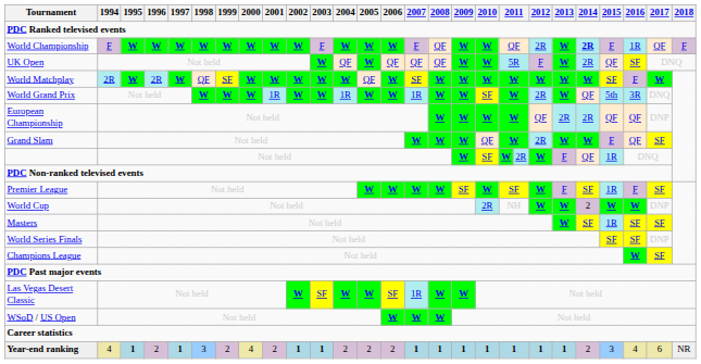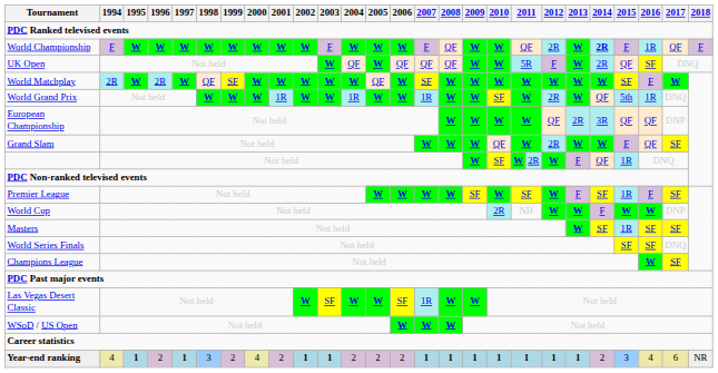 <table class=wikitable style=text-align:center;font-size:75%>
 <tr>
 <th>Tournament</th>
 <th>1994</th>
 <th>1995</th>
 <th>1996</th>
 <th>1997</th>
 <th>1998</th>
 <th>1999</th>
 <th>2000</th>
 <th>2001</th>
 <th>2002</th>
 <th>2003</th>
 <th>2004</th>
 <th>2005</th>
 <th>2006</th>
 <th><a href='#'>2007</a></th>
 <th><a href='#'>2008</a></th>
 <th><a href='#'>2009</a></th>
 <th><a href='#'>2010</a></th>
 <th colspan="2"><a href='#'>2011</a></th>
 <th><a href='#'>2012</a></th>
 <th><a href='#'>2013</a></th>
 <th><a href='#'>2014</a></th>
 <th><a href='#'>2015</a></th>
 <th><a href='#'>2016</a></th>
 <th><a href='#'>2017</a></th>
 <th><a href='#'>2018</a></th>
 </tr>
 <tr>
 <td colspan="33" align="left"><strong><a href='#'>PDC</a> Ranked televised events</strong></td>
 </tr>
 <tr>
 <td align=left><a href='#'>World Championship</a></td>
 <td style="text-align:center; background:thistle;"><a href='#'>F</a></td>
 <td style="text-align:center; background:lime;"><strong><a href='#'>W</a></strong></td>
 <td style="text-align:center; background:lime;"><strong><a href='#'>W</a></strong></td>
 <td style="text-align:center; background:lime;"><strong><a href='#'>W</a></strong></td>
 <td style="text-align:center; background:lime;"><strong><a href='#'>W</a></strong></td>
 <td style="text-align:center; background:lime;"><strong><a href='#'>W</a></strong></td>
 <td style="text-align:center; background:lime;"><strong><a href='#'>W</a></strong></td>
 <td style="text-align:center; background:lime;"><strong><a href='#'>W</a></strong></td>
 <td style="text-align:center; background:lime;"><strong><a href='#'>W</a></strong></td>
 <td style="text-align:center; background:thistle;"><a href='#'>F</a></td>
 <td style="text-align:center; background:lime;"><strong><a href='#'>W</a></strong></td>
 <td style="text-align:center; background:lime;"><strong><a href='#'>W</a></strong></td>
 <td style="text-align:center; background:lime;"><strong><a href='#'>W</a></strong></td>
 <td style="text-align:center; background:thistle;"><a href='#'>F</a></td>
 <td style="text-align:center; background:#ffebcd;"><a href='#'>QF</a></td>
 <td style="text-align:center; background:lime;"><strong><a href='#'>W</a></strong></td>
 <td style="text-align:center; background:lime;"><strong><a href='#'>W</a></strong></td>
 <td style="text-align:center; background:#ffebcd;" colspan="2"><a href='#'>QF</a></td>
 <td style="text-align:center; background:#afeeee;"><a href='#'>2R</a></td>
 <td style="text-align:center; background:lime;"><strong><a href='#'>W</a></strong></td>
 <td style="text-align:center; background:#afeeee;"><strong><a href='#'>2R</a></strong></td>
 <td style="text-align:center; background:thistle;"><a href='#'>F</a></td>
 <td style="text-align:center; background:#afeeee;"><a href='#'>1R</a></td>
 <td style="text-align:center; background:#ffebcd;"><a href='#'>QF</a></td>
 <td style="text-align:center; background:thistle;"><a href='#'>F</a></td>
 </tr>
 <tr>
 <td align=left><a href='#'>UK Open</a></td>
 <td colspan="9" style="text-align:center; color:#ccc;">Not held</td>
 <td style="text-align:center; background:lime;"><strong><a href='#'>W</a></strong></td>
 <td style="text-align:center; background:#ffebcd;"><a href='#'>QF</a></td>
 <td style="text-align:center; background:lime;"><strong><a href='#'>W</a></strong></td>
 <td style="text-align:center; background:#ffebcd;"><a href='#'>QF</a></td>
 <td style="text-align:center; background:#ffebcd;"><a href='#'>QF</a></td>
 <td style="text-align:center; background:#ffebcd;"><a href='#'>QF</a></td>
 <td style="text-align:center; background:lime;"><strong><a href='#'>W</a></strong></td>
 <td style="text-align:center; background:lime;"><strong><a href='#'>W</a></strong></td>
 <td style="text-align:center; background:#afeeee;" colspan="2"><a href='#'>5R</a></td>
 <td style="text-align:center; background:thistle;"><a href='#'>F</a></td>
 <td style="text-align:center; background:lime;"><strong><a href='#'>W</a></strong></td>
 <td style="text-align:center; background:#afeeee;"><a href='#'>2R</a></td>
 <td style="text-align:center; background:#ffebcd;"><a href='#'>QF</a></td>
 <td style="text-align:center; background:yellow;"><a href='#'>SF</a></td>
 <td colspan="2" style="text-align:center; color:#ccc;">DNQ</td>
 </tr>
 <tr>
 <td align=left><a href='#'>World Matchplay</a></td>
 <td style="text-align:center; background:#afeeee;"><a href='#'>2R</a></td>
 <td style="text-align:center; background:lime;"><strong><a href='#'>W</a></strong></td>
 <td style="text-align:center; background:#afeeee;"><a href='#'>2R</a></td>
 <td style="text-align:center; background:lime;"><strong><a href='#'>W</a></strong></td>
 <td style="text-align:center; background:#ffebcd;"><a href='#'>QF</a></td>
 <td style="text-align:center; background:yellow;"><a href='#'>SF</a></td>
 <td style="text-align:center; background:lime;"><strong><a href='#'>W</a></strong></td>
 <td style="text-align:center; background:lime;"><strong><a href='#'>W</a></strong></td>
 <td style="text-align:center; background:lime;"><strong><a href='#'>W</a></strong></td>
 <td style="text-align:center; background:lime;"><strong><a href='#'>W</a></strong></td>
 <td style="text-align:center; background:lime;"><strong><a href='#'>W</a></strong></td>
 <td style="text-align:center; background:#ffebcd;"><a href='#'>QF</a></td>
 <td style="text-align:center; background:lime;"><strong><a href='#'>W</a></strong></td>
 <td style="text-align:center; background:yellow;"><a href='#'>SF</a></td>
 <td style="text-align:center; background:lime;"><strong><a href='#'>W</a></strong></td>
 <td style="text-align:center; background:lime;"><strong><a href='#'>W</a></strong></td>
 <td style="text-align:center; background:lime;"><strong><a href='#'>W</a></strong></td>
 <td style="text-align:center; background:lime;" colspan="2"><strong><a href='#'>W</a></strong></td>
 <td style="text-align:center; background:lime;"><strong><a href='#'>W</a></strong></td>
 <td style="text-align:center; background:lime;"><strong><a href='#'>W</a></strong></td>
 <td style="text-align:center; background:lime;"><strong><a href='#'>W</a></strong></td>
 <td style="text-align:center; background:yellow;"><a href='#'>SF</a></td>
 <td style="text-align:center; background:thistle;"><a href='#'>F</a></td>
 <td style="text-align:center; background:lime;"><strong><a href='#'>W</a></strong></td>
 <td rowspan=6 style="text-align:center;"></td>
 </tr>
 <tr>
 <td align=left><a href='#'>World Grand Prix</a></td>
 <td colspan="4" style="text-align:center; color:#ccc;">Not held</td>
 <td style="text-align:center; background:lime;"><strong><a href='#'>W</a></strong></td>
 <td style="text-align:center; background:lime;"><strong><a href='#'>W</a></strong></td>
 <td style="text-align:center; background:lime;"><strong><a href='#'>W</a></strong></td>
 <td style="text-align:center; background:#afeeee;"><a href='#'>1R</a></td>
 <td style="text-align:center; background:lime;"><strong><a href='#'>W</a></strong></td>
 <td style="text-align:center; background:lime;"><strong><a href='#'>W</a></strong></td>
 <td style="text-align:center; background:#afeeee;"><a href='#'>1R</a></td>
 <td style="text-align:center; background:lime;"><strong><a href='#'>W</a></strong></td>
 <td style="text-align:center; background:lime;"><strong><a href='#'>W</a></strong></td>
 <td style="text-align:center; background:#afeeee;"><a href='#'>1R</a></td>
 <td style="text-align:center; background:lime;"><strong><a href='#'>W</a></strong></td>
 <td style="text-align:center; background:lime;"><strong><a href='#'>W</a></strong></td>
 <td style="text-align:center; background:yellow;"><a href='#'>SF</a></td>
 <td style="text-align:center; background:lime;" colspan="2"><strong><a href='#'>W</a></strong></td>
 <td style="text-align:center; background:#afeeee;"><a href='#'>2R</a></td>
 <td style="text-align:center; background:lime;"><strong><a href='#'>W</a></strong></td>
 <td style="text-align:center; background:#ffebcd;"><a href='#'>QF</a></td>
 <td style="text-align:center; background:#afeeee;"><a href='#'>5th</a></td>
-<td style="text-align:center; background:#afeeee;"><a href='#'>3R</a></td>
+<td style="text-align:center; background:#afeeee;"><a href='#'>1R</a></td>
 <td style="text-align:center; color:#ccc;">DNQ</td>
 </tr>
 <tr>
 <td align=left><a href='#'>European Championship</a></td>
 <td colspan="14" style="text-align:center; color:#ccc;">Not held</td>
 <td style="text-align:center; background:lime;"><strong><a href='#'>W</a></strong></td>
 <td style="text-align:center; background:lime;"><strong><a href='#'>W</a></strong></td>
 <td style="text-align:center; background:lime;"><strong><a href='#'>W</a></strong></td>
 <td style="text-align:center; background:lime;" colspan="2"><strong><a href='#'>W</a></strong></td>
 <td style="text-align:center; background:#ffebcd;"><a href='#'>QF</a></td>
 <td style="text-align:center; background:#afeeee;"><a href='#'>2R</a></td>
-<td style="text-align:center; background:#afeeee;"><a href='#'>2R</a></td>
+<td style="text-align:center; background:#afeeee;"><a href='#'>3R</a></td>
 <td style="text-align:center; background:#ffebcd;"><a href='#'>QF</a></td>
 <td style="text-align:center; background:#ffebcd;"><a href='#'>QF</a></td>
 <td style="text-align:center; color:#ccc;">DNP</td>
 </tr>
 <tr>
 <td align=left><a href='#'>Grand Slam</a></td>
 <td colspan="13" style="text-align:center; color:#ccc;">Not held</td>
 <td style="text-align:center; background:lime;"><strong><a href='#'>W</a></strong></td>
 <td style="text-align:center; background:lime;"><strong><a href='#'>W</a></strong></td>
 <td style="text-align:center; background:lime;"><strong><a href='#'>W</a></strong></td>
 <td style="text-align:center; background:#ffebcd;"><a href='#'>QF</a></td>
 <td style="text-align:center; background:lime;" colspan="2"><strong><a href='#'>W</a></strong></td>
 <td style="text-align:center; background:#afeeee;"><a href='#'>2R</a></td>
 <td style="text-align:center; background:lime;"><strong><a href='#'>W</a></strong></td>
 <td style="text-align:center; background:lime;"><strong><a href='#'>W</a></strong></td>
 <td style="text-align:center; background:thistle;"><a href='#'>F</a></td>
 <td style="text-align:center; background:#ffebcd;"><a href='#'>QF</a></td>
 <td style="text-align:center; background:yellow;"><a href='#'>SF</a></td>
 </tr>
 <tr>
 <td align=left></td>
 <td colspan="15" style="text-align:center; color:#ccc;">Not held</td>
 <td style="text-align:center; background:lime;"><strong><a href='#'>W</a></strong></td>
 <td style="text-align:center; background:yellow;"><a href='#'>SF</a></td>
 <td style="text-align:center; background:lime;"><strong><a href='#'>W</a></strong></td>
 <td style="text-align:center; background:#afeeee;"><a href='#'>2R</a></td>
 <td style="text-align:center; background:lime;"><strong><a href='#'>W</a></strong></td>
 <td style="text-align:center; background:thistle;"><a href='#'>F</a></td>
 <td style="text-align:center; background:#ffebcd;"><a href='#'>QF</a></td>
 <td style="text-align:center; background:#afeeee;"><a href='#'>1R</a></td>
 <td colspan="2" style="text-align:center; color:#ccc;">DNQ</td>
 </tr>
 <tr>
 <td colspan="33" align="left"><strong><a href='#'>PDC</a> Non-ranked televised events</strong></td>
 </tr>
 <tr>
 <td align=left><a href='#'>Premier League</a></td>
 <td colspan="11" style="text-align:center; color:#ccc;">Not held</td>
 <td style="text-align:center; background:lime;"><strong><a href='#'>W</a></strong></td>
 <td style="text-align:center; background:lime;"><strong><a href='#'>W</a></strong></td>
 <td style="text-align:center; background:lime;"><strong><a href='#'>W</a></strong></td>
 <td style="text-align:center; background:lime;"><strong><a href='#'>W</a></strong></td>
 <td style="text-align:center; background:yellow;"><a href='#'>SF</a></td>
 <td style="text-align:center; background:lime;"><strong><a href='#'>W</a></strong></td>
 <td style="text-align:center; background:yellow;" colspan="2"><a href='#'>SF</a></td>
 <td style="text-align:center; background:lime;"><strong><a href='#'>W</a></strong></td>
 <td style="text-align:center; background:thistle;"><a href='#'>F</a></td>
 <td style="text-align:center; background:yellow;"><a href='#'>SF</a></td>
 <td style="text-align:center; background:#afeeee;"><a href='#'>1R</a></td>
 <td style="text-align:center; background:thistle;"><a href='#'>F</a></td>
 <td style="text-align:center; background:yellow;"><a href='#'>SF</a></td>
 <td rowspan=5 style="text-align:center;"></td>
 </tr>
 <tr>
 <td align=left><a href='#'>World Cup</a></td>
 <td colspan="16" style="text-align:center; color:#ccc;">Not held</td>
 <td style="text-align:center; background:#afeeee;"><a href='#'>2R</a></td>
 <td colspan="2" style="text-align:center; color:#ccc;">NH</td>
 <td style="text-align:center; background:lime;"><strong><a href='#'>W</a></strong></td>
 <td style="text-align:center; background:lime;"><strong><a href='#'>W</a></strong></td>
-<td style="text-align:center; background:thistle;">2</td>
+<td style="text-align:center; background:thistle;"><a href='#'>F</a></td>
 <td style="text-align:center; background:lime;"><strong><a href='#'>W</a></strong></td>
 <td style="text-align:center; background:lime;"><strong><a href='#'>W</a></strong></td>
 <td style="text-align:center; color:#ccc;">DNP</td>
 </tr>
 <tr>
 <td align=left><a href='#'>Masters</a></td>
 <td colspan="20" style="text-align:center; color:#ccc;">Not held</td>
 <td style="text-align:center; background:lime;"><strong><a href='#'>W</a></strong></td>
 <td style="text-align:center; background:yellow;"><a href='#'>SF</a></td>
 <td style="text-align:center; background:#afeeee;"><a href='#'>1R</a></td>
 <td style="text-align:center; background:yellow;"><a href='#'>SF</a></td>
 <td style="text-align:center; background:yellow;"><a href='#'>SF</a></td>
 </tr>
 <tr>
 <td align=left><a href='#'>World Series Finals</a></td>
 <td colspan="22" style="text-align:center; color:#ccc;">Not held</td>
 <td style="text-align:center; background:yellow;"><a href='#'>SF</a></td>
 <td style="text-align:center; background:yellow;"><a href='#'>SF</a></td>
-<td style="text-align:center; color:#ccc;">DNP</td>
+<td style="text-align:center; color:#ccc;">DNQ</td>
 </tr>
 <tr>
 <td align=left><a href='#'>Champions League</a></td>
 <td colspan="23" style="text-align:center; color:#ccc;">Not held</td>
 <td style="text-align:center; background:lime;"><strong><a href='#'>W</a></strong></td>
 <td style="text-align:center; background:yellow;"><a href='#'>SF</a></td>
 </tr>
 <tr>
 <td colspan="33" align="left"><strong><a href='#'>PDC</a> Past major events</strong></td>
 </tr>
 <tr>
 <td align=left><a href='#'>Las Vegas Desert Classic</a></td>
 <td colspan="8" style="text-align:center; color:#ccc;">Not held</td>
 <td style="text-align:center; background:lime;"><strong><a href='#'>W</a></strong></td>
 <td style="text-align:center; background:yellow;"><a href='#'>SF</a></td>
 <td style="text-align:center; background:lime;"><strong><a href='#'>W</a></strong></td>
 <td style="text-align:center; background:lime;"><strong><a href='#'>W</a></strong></td>
 <td style="text-align:center; background:yellow;"><a href='#'>SF</a></td>
 <td style="text-align:center; background:#afeeee;"><a href='#'>1R</a></td>
 <td style="text-align:center; background:lime;"><strong><a href='#'>W</a></strong></td>
 <td style="text-align:center; background:lime;"><strong><a href='#'>W</a></strong></td>
 <td colspan="10" style="text-align:center; color:#ccc;">Not held</td>
 </tr>
 <tr>
 <td align=left><a href='#'>WSoD</a> / <a href='#'>US Open</a></td>
 <td colspan="12" style="text-align:center; color:#ccc;">Not held</td>
 <td style="text-align:center; background:lime;"><strong><a href='#'>W</a></strong></td>
 <td style="text-align:center; background:lime;"><strong><a href='#'>W</a></strong></td>
 <td style="text-align:center; background:lime;"><strong><a href='#'>W</a></strong></td>
 <td colspan="11" style="text-align:center; color:#ccc;">Not held</td>
 </tr>
 <tr>
 <td colspan="33" align="left"><strong>Career statistics</strong></td>
 </tr>
 <tr bgcolor="efefef">
 <td align="left"><strong>Year-end ranking</strong></td>
 <td style="text-align:center; background:#eee8aa;">4</td>
 <td style="text-align:center; background:#add8e6;"><strong>1</strong></td>
 <td style="text-align:center; background:thistle;">2</td>
 <td style="text-align:center; background:#add8e6;"><strong>1</strong></td>
 <td style="text-align:center; background:#99ccff;">3</td>
 <td style="text-align:center; background:thistle;">2</td>
 <td style="text-align:center; background:#eee8aa;">4</td>
 <td style="text-align:center; background:thistle;">2</td>
 <td style="text-align:center; background:#add8e6;"><strong>1</strong></td>
 <td style="text-align:center; background:#add8e6;"><strong>1</strong></td>
 <td style="text-align:center; background:thistle;">2</td>
 <td style="text-align:center; background:thistle;">2</td>
 <td style="text-align:center; background:thistle;">2</td>
 <td style="text-align:center; background:#add8e6;"><strong>1</strong></td>
 <td style="text-align:center; background:#add8e6;"><strong>1</strong></td>
 <td style="text-align:center; background:#add8e6;"><strong>1</strong></td>
 <td style="text-align:center; background:#add8e6;"><strong>1</strong></td>
 <td colspan="2" style="text-align:center; background:#add8e6;"><strong>1</strong></td>
 <td style="text-align:center; background:#add8e6;"><strong>1</strong></td>
 <td style="text-align:center; background:#add8e6;"><strong>1</strong></td>
 <td style="text-align:center; background:thistle;">2</td>
 <td style="text-align:center; background:#99ccff;">3</td>
 <td style="text-align:center; background:#eee8aa;">4</td>
 <td style="text-align:center; background:#eee8aa;">6</td>
 <td style="text-align:center;">NR</td>
 </tr>
 </table>
